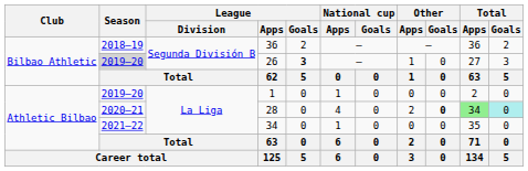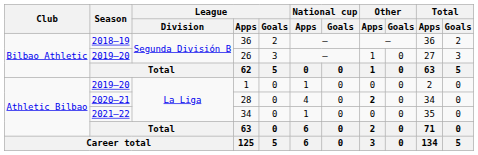 <table class="wikitable" style="text-align:center">
 <tr>
 <th rowspan="2">Club</th>
 <th rowspan="2">Season</th>
 <th colspan="3">League</th>
 <th colspan="2">National cup</th>
 <th colspan="2">Other</th>
 <th colspan="2">Total</th>
 </tr>
 <tr>
 <th>Division</th>
 <th>Apps</th>
 <th>Goals</th>
 <th>Apps</th>
 <th>Goals</th>
 <th>Apps</th>
 <th>Goals</th>
 <th>Apps</th>
 <th>Goals</th>
 </tr>
 <tr>
 <td rowspan="3"><a href='#'>Bilbao Athletic</a></td>
 <td><a href='#'>2018–19</a></td>
 <td rowspan="2"><a href='#'>Segunda División B</a></td>
 <td>36</td>
 <td>2</td>
 <td colspan="2">—</td>
 <td colspan="2">—</td>
 <td>36</td>
 <td>2</td>
 </tr>
 <tr>
-<td style="background: lightgrey;"><a href='#'>2019–20</a></td>
+<td><a href='#'>2019–20</a></td>
 <td>26</td>
-<td><strong>3</strong></td>
+<td>3</td>
 <td colspan="2">—</td>
 <td>1</td>
 <td>0</td>
 <td>27</td>
 <td>3</td>
 </tr>
 <tr>
 <th colspan="2">Total</th>
 <th>62</th>
 <th>5</th>
 <th>0</th>
 <th>0</th>
 <th>1</th>
 <th>0</th>
 <th>63</th>
 <th>5</th>
 </tr>
 <tr>
 <td rowspan="4"><a href='#'>Athletic Bilbao</a></td>
 <td><a href='#'>2019–20</a></td>
 <td rowspan="3"><a href='#'>La Liga</a></td>
 <td>1</td>
 <td>0</td>
 <td>1</td>
 <td>0</td>
 <td>0</td>
 <td>0</td>
 <td>2</td>
 <td>0</td>
 </tr>
 <tr>
 <td><a href='#'>2020–21</a></td>
 <td>28</td>
 <td>0</td>
 <td>4</td>
 <td>0</td>
-<td>2</td>
-<td><strong>0</strong></td>
-<td style="background: lightgreen;">34</td>
-<td style="background: paleturquoise;">0</td>
+<td><strong>2</strong></td>
+<td>0</td>
+<td>34</td>
+<td>0</td>
 </tr>
 <tr>
 <td><a href='#'>2021–22</a></td>
 <td>34</td>
 <td>0</td>
 <td>1</td>
 <td>0</td>
 <td>0</td>
 <td>0</td>
 <td>35</td>
 <td>0</td>
 </tr>
 <tr>
 <th colspan="2">Total</th>
 <th>63</th>
 <th>0</th>
 <th>6</th>
 <th>0</th>
 <th>2</th>
 <th>0</th>
 <th>71</th>
 <th>0</th>
 </tr>
 <tr>
 <th colspan="3">Career total</th>
 <th>125</th>
 <th>5</th>
 <th>6</th>
 <th>0</th>
 <th>3</th>
 <th>0</th>
 <th>134</th>
 <th>5</th>
 </tr>
 </table>
